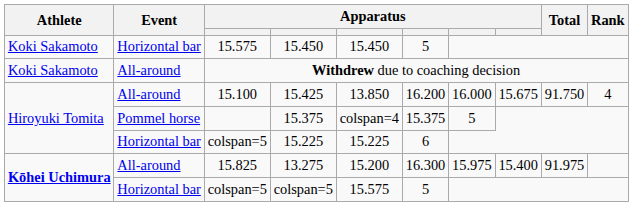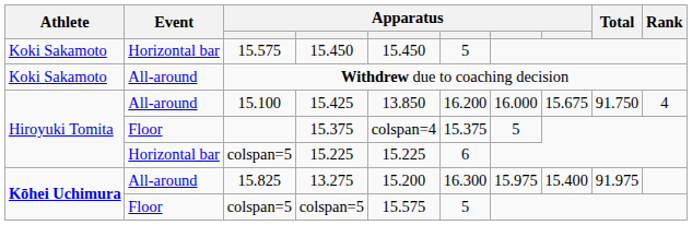 <table class="wikitable" style="font-size:90%">
 <tr>
 <th rowspan=2>Athlete</th>
 <th rowspan=2>Event</th>
 <th colspan =6>Apparatus</th>
 <th rowspan=2>Total</th>
 <th rowspan=2>Rank</th>
 </tr>
 <tr style="font-size:95%">
 <th></th>
 <th></th>
 <th></th>
 <th></th>
 <th></th>
 <th></th>
 </tr>
 <tr align=center>
 <td align=left><a href='#'>Koki Sakamoto</a></td>
 <td align=left><a href='#'>Horizontal bar</a></td>
 <td>15.575</td>
 <td>15.450</td>
 <td>15.450</td>
 <td>5</td>
 </tr>
 <tr align=center>
 <td align=left><a href='#'>Koki Sakamoto</a></td>
 <td align=left><a href='#'>All-around</a></td>
 <td colspan=8><strong>Withdrew</strong> due to coaching decision</td>
 </tr>
 <tr align=center>
 <td align=left rowspan=3><a href='#'>Hiroyuki Tomita</a></td>
 <td align=left><a href='#'>All-around</a></td>
 <td>15.100</td>
 <td>15.425</td>
 <td>13.850</td>
 <td>16.200</td>
 <td>16.000</td>
 <td>15.675</td>
 <td>91.750</td>
 <td>4</td>
 </tr>
 <tr align=center>
-<td align=left><a href='#'>Pommel horse</a></td>
+<td align=left><a href='#'>Floor</a></td>
 <td></td>
 <td>15.375</td>
 <td>colspan=4 </td>
 <td>15.375</td>
 <td>5</td>
 </tr>
 <tr align=center>
 <td align=left><a href='#'>Horizontal bar</a></td>
 <td>colspan=5 </td>
 <td>15.225</td>
 <td>15.225</td>
 <td>6</td>
 </tr>
 <tr align=center>
 <td align=left rowspan=2><strong><a href='#'>Kōhei Uchimura</a></strong></td>
 <td align=left><a href='#'>All-around</a></td>
 <td>15.825</td>
 <td>13.275</td>
 <td>15.200</td>
 <td>16.300</td>
 <td>15.975</td>
 <td>15.400</td>
 <td>91.975</td>
 <td></td>
 </tr>
 <tr align=center>
-<td align=left><a href='#'>Horizontal bar</a></td>
+<td align=left><a href='#'>Floor</a></td>
 <td>colspan=5 </td>
 <td>colspan=5 </td>
 <td>15.575</td>
 <td>5</td>
 </tr>
 </table>
